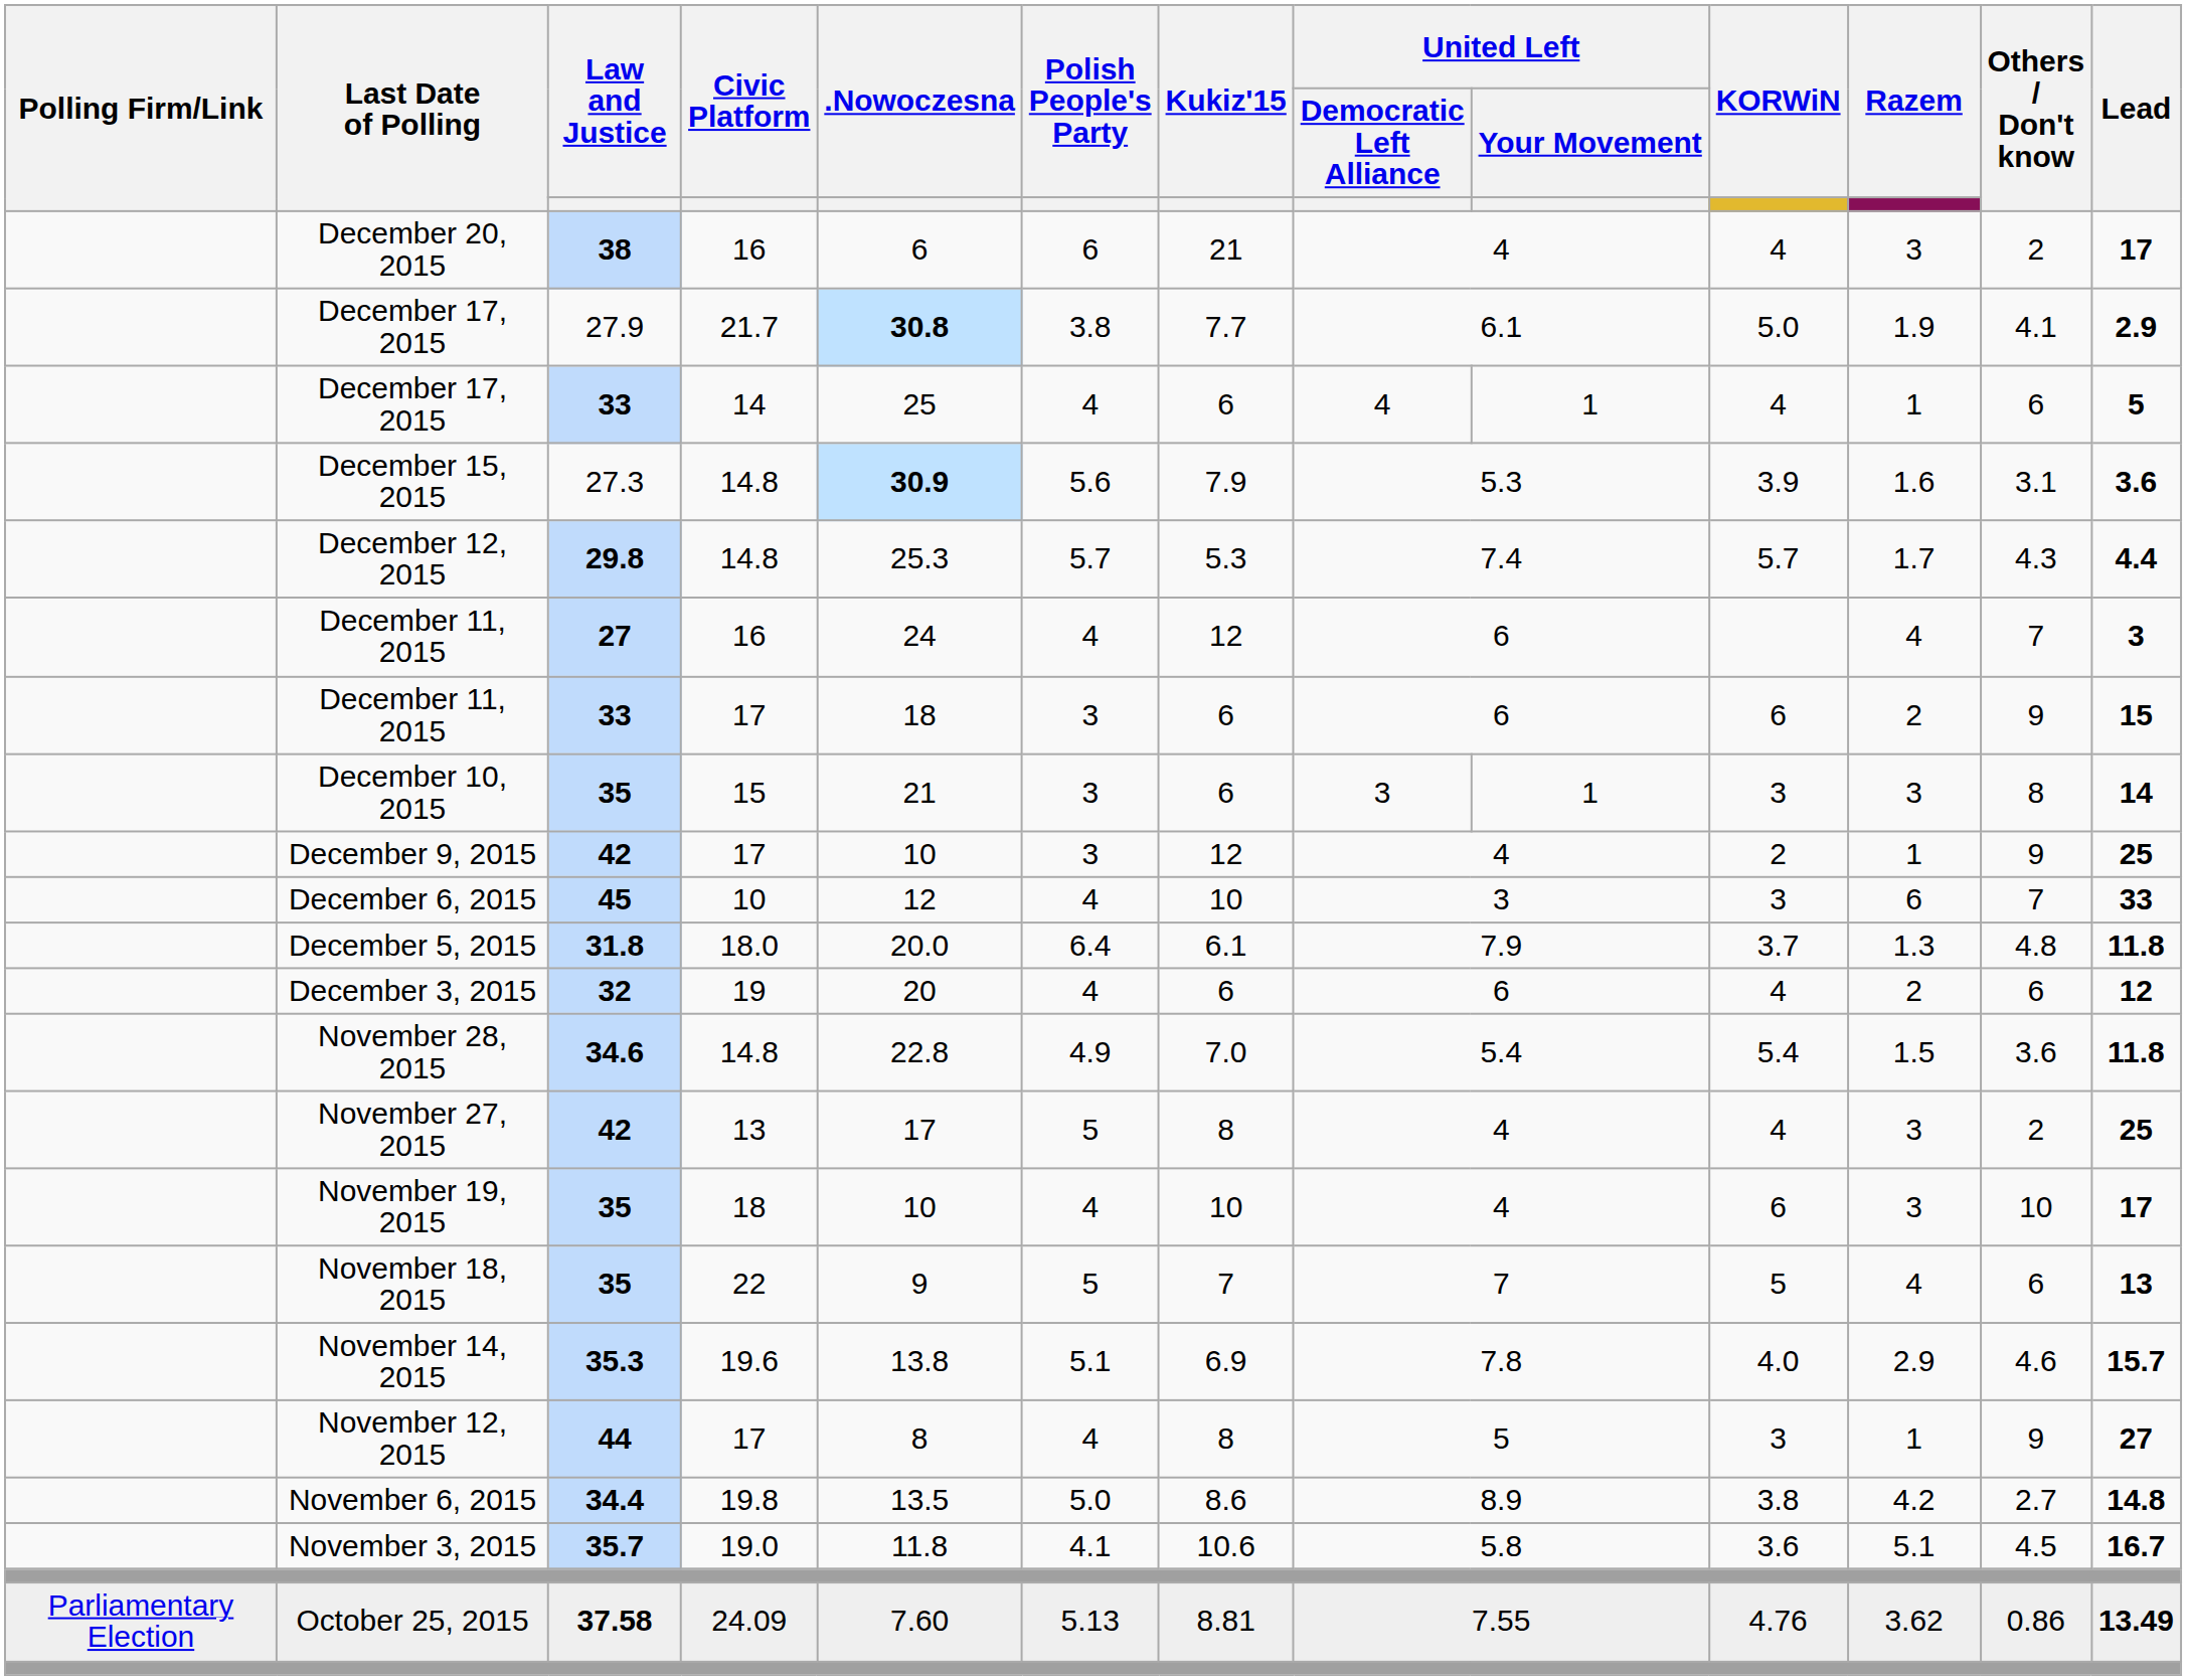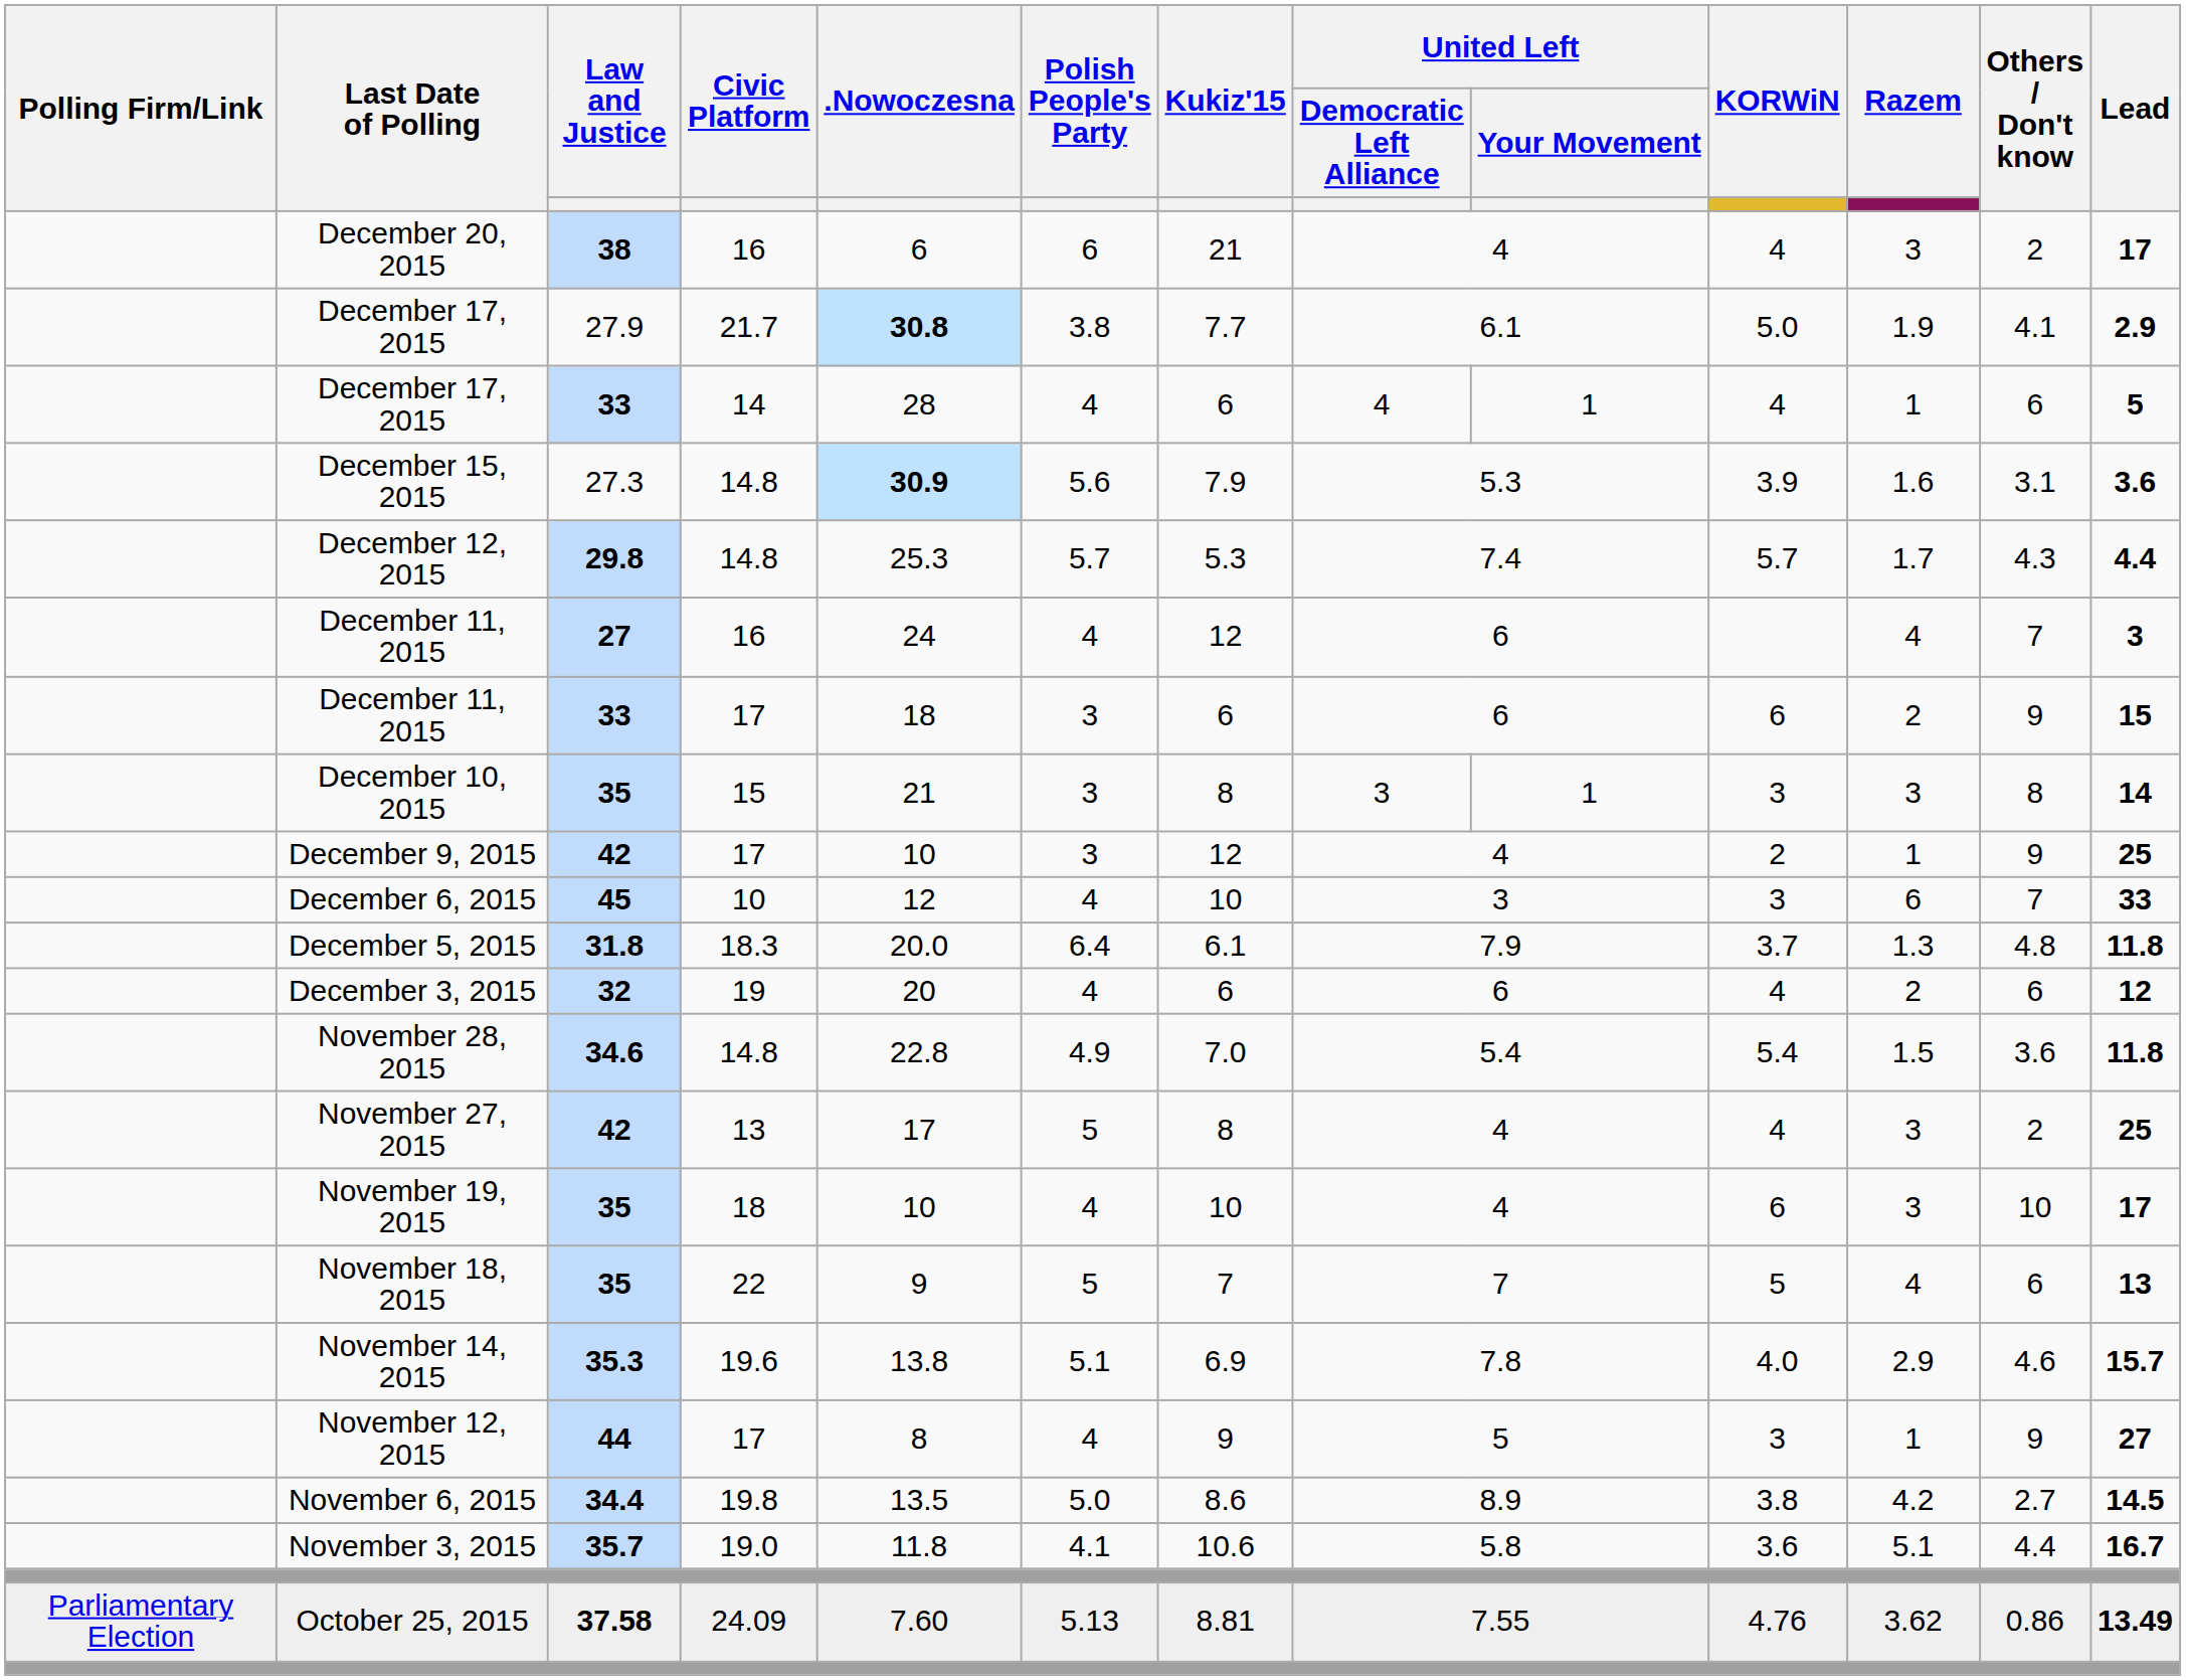 <table class="wikitable sortable collapsible" style="text-align:center; font-size:95%; line-height:16px">
 <tr style="height:42px;">
 <th style="width:130px;" rowspan=3>Polling Firm/Link</th>
 <th data-sort-type="date" style="width:130px;" rowspan=3>Last Date<br>of Polling</th>
 <th style="width:60px;" rowspan=2 class="unsortable"><a href='#'>Law and Justice</a></th>
 <th style="width:60px;" rowspan=2 class="unsortable"><a href='#'>Civic Platform</a></th>
 <th rowspan="2" style="width:60px;" class="unsortable"><a href='#'>.Nowoczesna</a></th>
 <th rowspan="2" style="width:60px;" class="unsortable"><a href='#'>Polish People's Party</a></th>
 <th rowspan="2" style="width:60px;" class="unsortable"><a href='#'>Kukiz'15</a></th>
 <th style="width:60px;" colspan=2 class="unsortable"><a href='#'>United Left</a></th>
 <th style="width:60px;" rowspan=2 class="unsortable"><a href='#'>KORWiN</a></th>
 <th style="width:60px;" rowspan=2 class="unsortable"><a href='#'>Razem</a></th>
 <th data-sort-type="number" rowspan=3 style="width:40px;">Others /<br>Don't know</th>
 <th data-sort-type="number" style="width:30px;" rowspan=3>Lead</th>
 </tr>
 <tr>
 <th class="unsortable"><a href='#'>Democratic<br>Left<br>Alliance</a></th>
 <th class="unsortable"><a href='#'>Your Movement</a></th>
 </tr>
 <tr>
 <th data-sort-type="number" style="background:"></th>
 <th data-sort-type="number" style="background:"></th>
 <th data-sort-type="number" style="background:"></th>
 <th data-sort-type="number" style="background:"></th>
 <th data-sort-type="number" style="background:"></th>
 <th data-sort-type="number" style="background:"></th>
 <th data-sort-type="number" style="background:"></th>
 <th data-sort-type="number" style="background:#e2b92e;"></th>
 <th data-sort-type="number" style="background:#870f57;"></th>
 </tr>
 <tr>
 <td></td>
 <td>December 20, 2015</td>
 <td style="background:#C0DBFC"><strong>38</strong></td>
 <td>16</td>
 <td>6</td>
 <td>6</td>
 <td>21</td>
 <td colspan=2>4</td>
 <td>4</td>
 <td>3</td>
 <td>2</td>
 <td style="background:"><strong>17</strong></td>
 </tr>
 <tr>
 <td></td>
 <td>December 17, 2015</td>
 <td>27.9</td>
 <td>21.7</td>
 <td style="background:#BFE2FF"><strong>30.8</strong></td>
 <td>3.8</td>
 <td>7.7</td>
 <td colspan=2>6.1</td>
 <td>5.0</td>
 <td>1.9</td>
 <td>4.1</td>
 <td style="background:"><strong>2.9</strong></td>
 </tr>
 <tr>
 <td></td>
 <td>December 17, 2015</td>
 <td style="background:#C0DBFC"><strong>33</strong></td>
 <td>14</td>
-<td>25</td>
+<td>28</td>
 <td>4</td>
 <td>6</td>
 <td>4</td>
 <td>1</td>
 <td>4</td>
 <td>1</td>
 <td>6</td>
 <td style="background:"><strong>5</strong></td>
 </tr>
 <tr>
 <td></td>
 <td>December 15, 2015</td>
 <td>27.3</td>
 <td>14.8</td>
 <td style="background:#BFE2FF"><strong>30.9</strong></td>
 <td>5.6</td>
 <td>7.9</td>
 <td colspan=2>5.3</td>
 <td>3.9</td>
 <td>1.6</td>
 <td>3.1</td>
 <td style="background:"><strong>3.6</strong></td>
 </tr>
 <tr>
 <td></td>
 <td>December 12, 2015</td>
 <td style="background:#C0DBFC"><strong>29.8</strong></td>
 <td>14.8</td>
 <td>25.3</td>
 <td>5.7</td>
 <td>5.3</td>
 <td colspan=2>7.4</td>
 <td>5.7</td>
 <td>1.7</td>
 <td>4.3</td>
 <td style="background:"><strong>4.4</strong></td>
 </tr>
 <tr>
 <td></td>
 <td>December 11, 2015</td>
 <td style="background:#C0DBFC"><strong>27</strong></td>
 <td>16</td>
 <td>24</td>
 <td>4</td>
 <td>12</td>
 <td colspan=2>6</td>
 <td></td>
 <td>4</td>
 <td>7</td>
 <td style="background:"><strong>3</strong></td>
 </tr>
 <tr>
 <td></td>
 <td>December 11, 2015</td>
 <td style="background:#C0DBFC"><strong>33</strong></td>
 <td>17</td>
 <td>18</td>
 <td>3</td>
 <td>6</td>
 <td colspan=2>6</td>
 <td>6</td>
 <td>2</td>
 <td>9</td>
 <td style="background:"><strong>15</strong></td>
 </tr>
 <tr>
 <td></td>
 <td>December 10, 2015</td>
 <td style="background:#C0DBFC"><strong>35</strong></td>
 <td>15</td>
 <td>21</td>
 <td>3</td>
-<td>6</td>
+<td>8</td>
 <td>3</td>
 <td>1</td>
 <td>3</td>
 <td>3</td>
 <td>8</td>
 <td style="background:"><strong>14</strong></td>
 </tr>
 <tr>
 <td></td>
 <td>December 9, 2015</td>
 <td style="background:#C0DBFC"><strong>42</strong></td>
 <td>17</td>
 <td>10</td>
 <td>3</td>
 <td>12</td>
 <td colspan=2>4</td>
 <td>2</td>
 <td>1</td>
 <td>9</td>
 <td style="background:"><strong>25</strong></td>
 </tr>
 <tr>
 <td></td>
 <td>December 6, 2015</td>
 <td style="background:#C0DBFC"><strong>45</strong></td>
 <td>10</td>
 <td>12</td>
 <td>4</td>
 <td>10</td>
 <td colspan=2>3</td>
 <td>3</td>
 <td>6</td>
 <td>7</td>
 <td style="background:"><strong>33</strong></td>
 </tr>
 <tr>
 <td></td>
 <td>December 5, 2015</td>
 <td style="background:#C0DBFC"><strong>31.8</strong></td>
-<td>18.0</td>
+<td>18.3</td>
 <td>20.0</td>
 <td>6.4</td>
 <td>6.1</td>
 <td colspan=2>7.9</td>
 <td>3.7</td>
 <td>1.3</td>
 <td>4.8</td>
 <td style="background:"><strong>11.8</strong></td>
 </tr>
 <tr>
 <td></td>
 <td>December 3, 2015</td>
 <td style="background:#C0DBFC"><strong>32</strong></td>
 <td>19</td>
 <td>20</td>
 <td>4</td>
 <td>6</td>
 <td colspan=2>6</td>
 <td>4</td>
 <td>2</td>
 <td>6</td>
 <td style="background:"><strong>12</strong></td>
 </tr>
 <tr>
 <td></td>
 <td>November 28, 2015</td>
 <td style="background:#C0DBFC"><strong>34.6</strong></td>
 <td>14.8</td>
 <td>22.8</td>
 <td>4.9</td>
 <td>7.0</td>
 <td colspan=2>5.4</td>
 <td>5.4</td>
 <td>1.5</td>
 <td>3.6</td>
 <td style="background:"><strong>11.8</strong></td>
 </tr>
 <tr>
 <td> </td>
 <td>November 27, 2015</td>
 <td style="background:#C0DBFC"><strong>42</strong></td>
 <td>13</td>
 <td>17</td>
 <td>5</td>
 <td>8</td>
 <td colspan=2>4</td>
 <td>4</td>
 <td>3</td>
 <td>2</td>
 <td style="background:"><strong>25</strong></td>
 </tr>
 <tr>
 <td></td>
 <td>November 19, 2015</td>
 <td style="background:#C0DBFC"><strong>35</strong></td>
 <td>18</td>
 <td>10</td>
 <td>4</td>
 <td>10</td>
 <td colspan=2>4</td>
 <td>6</td>
 <td>3</td>
 <td>10</td>
 <td style="background:"><strong>17</strong></td>
 </tr>
 <tr>
 <td></td>
 <td>November 18, 2015</td>
 <td style="background:#C0DBFC"><strong>35</strong></td>
 <td>22</td>
 <td>9</td>
 <td>5</td>
 <td>7</td>
 <td colspan=2>7</td>
 <td>5</td>
 <td>4</td>
 <td>6</td>
 <td style="background:"><strong>13</strong></td>
 </tr>
 <tr>
 <td></td>
 <td>November 14, 2015</td>
 <td style="background:#C0DBFC"><strong>35.3</strong></td>
 <td>19.6</td>
 <td>13.8</td>
 <td>5.1</td>
 <td>6.9</td>
 <td colspan=2>7.8</td>
 <td>4.0</td>
 <td>2.9</td>
 <td>4.6</td>
 <td style="background:"><strong>15.7</strong></td>
 </tr>
 <tr>
 <td></td>
 <td>November 12, 2015</td>
 <td style="background:#C0DBFC"><strong>44</strong></td>
 <td>17</td>
 <td>8</td>
 <td>4</td>
-<td>8</td>
+<td>9</td>
 <td colspan=2>5</td>
 <td>3</td>
 <td>1</td>
 <td>9</td>
 <td style="background:"><strong>27</strong></td>
 </tr>
 <tr>
 <td></td>
 <td>November 6, 2015</td>
 <td style="background:#C0DBFC"><strong>34.4</strong></td>
 <td>19.8</td>
 <td>13.5</td>
 <td>5.0</td>
 <td>8.6</td>
 <td colspan=2>8.9</td>
 <td>3.8</td>
 <td>4.2</td>
 <td>2.7</td>
-<td style="background:"><strong>14.8</strong></td>
+<td style="background:"><strong>14.5</strong></td>
 </tr>
 <tr>
 <td></td>
 <td>November 3, 2015</td>
 <td style="background:#C0DBFC"><strong>35.7</strong></td>
 <td>19.0</td>
 <td>11.8</td>
 <td>4.1</td>
 <td>10.6</td>
 <td colspan=2>5.8</td>
 <td>3.6</td>
 <td>5.1</td>
-<td>4.5</td>
+<td>4.4</td>
 <td style="background:"><strong>16.7</strong></td>
 </tr>
 <tr>
 <td colspan="13" style="background:#A0A0A0"></td>
 </tr>
 <tr style="background:#EFEFEF;">
 <td><a href='#'>Parliamentary Election</a></td>
 <td>October 25, 2015</td>
 <td style="background:"><strong>37.58</strong></td>
 <td>24.09</td>
 <td>7.60</td>
 <td>5.13</td>
 <td>8.81</td>
 <td colspan=2>7.55</td>
 <td>4.76</td>
 <td>3.62</td>
 <td>0.86</td>
 <td style="background:"><strong>13.49</strong></td>
 </tr>
 <tr>
 <td colspan="13" style="background:#A0A0A0"></td>
 </tr>
 </table>
